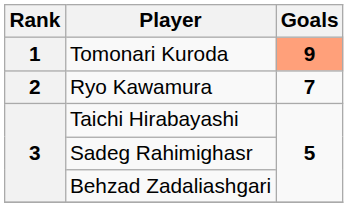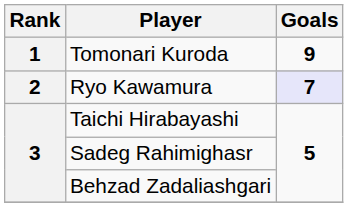 <table class="wikitable" style="text-align:center">
 <tr>
 <th>Rank</th>
 <th>Player</th>
 <th>Goals</th>
 </tr>
 <tr>
 <th>1</th>
 <td align="left"> Tomonari Kuroda</td>
-<td style="background: lightsalmon;"><strong>9</strong></td>
+<td><strong>9</strong></td>
 </tr>
 <tr>
 <th>2</th>
 <td align="left"> Ryo Kawamura</td>
-<td><strong>7</strong></td>
+<td style="background: lavender;"><strong>7</strong></td>
 </tr>
 <tr>
 <th rowspan=3>3</th>
 <td align="left"> Taichi Hirabayashi</td>
 <td rowspan=3><strong>5</strong></td>
 </tr>
 <tr>
 <td align="left"> Sadeg Rahimighasr</td>
 </tr>
 <tr>
 <td align="left"> Behzad Zadaliashgari</td>
 </tr>
 <tr>
 </tr>
 </table>
